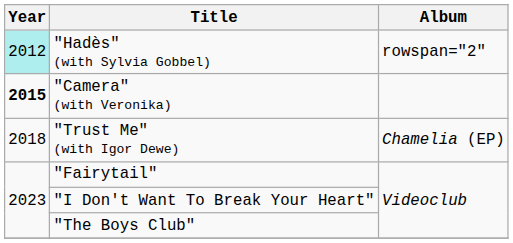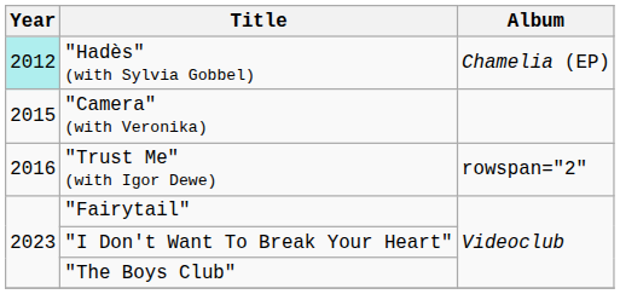 <table class="wikitable plainrowheaders">
 <tr>
 <th>Year</th>
 <th>Title</th>
 <th>Album</th>
 </tr>
 <tr>
 <td style="background: paleturquoise;">2012</td>
 <td scope="row">"Hadès"<br><small>(with Sylvia Gobbel)</small></td>
-<td>rowspan="2" </td>
+<td><em>Chamelia</em> (EP)</td>
 </tr>
 <tr>
-<td><strong>2015</strong></td>
+<td>2015</td>
 <td scope="row">"Camera"<br><small>(with Veronika)</small></td>
 </tr>
 <tr>
-<td>2018</td>
+<td>2016</td>
 <td scope="row">"Trust Me"<br><small>(with Igor Dewe)</small></td>
-<td><em>Chamelia</em> (EP)</td>
+<td>rowspan="2" </td>
 </tr>
 <tr>
 <td rowspan="3">2023</td>
 <td>"Fairytail"</td>
 <td rowspan="3"><em>Videoclub</em></td>
 </tr>
 <tr>
 <td>"I Don't Want To Break Your Heart"</td>
 </tr>
 <tr>
 <td>"The Boys Club"</td>
 </tr>
 <tr>
 </tr>
 </table>
